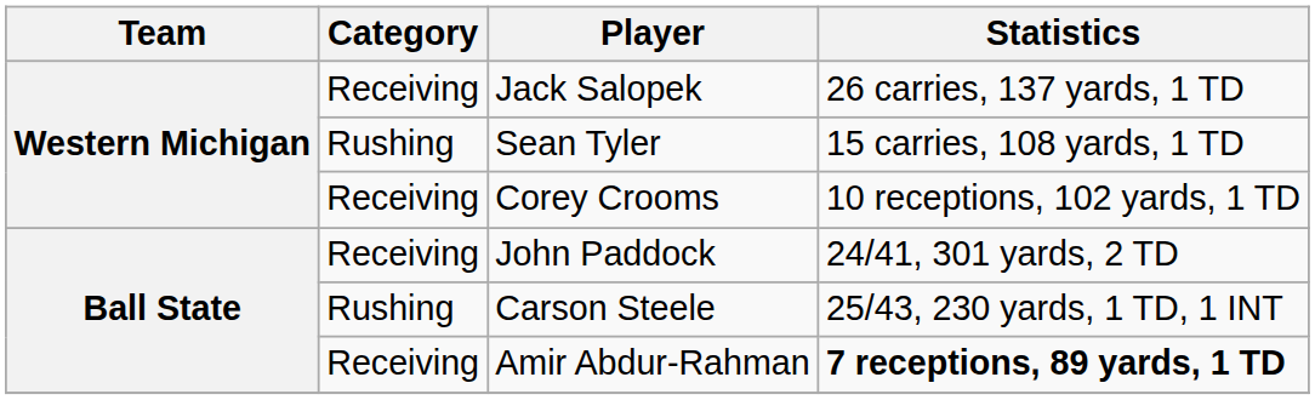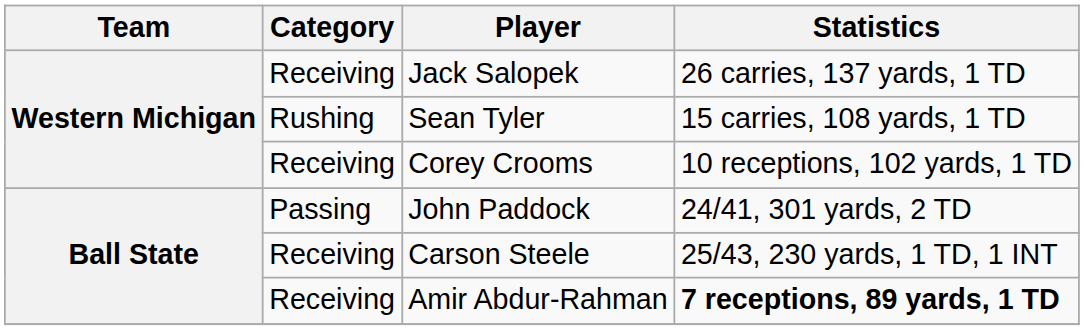 <table class="wikitable" style="float: left;">
 <tr>
 <th>Team</th>
 <th>Category</th>
 <th>Player</th>
 <th>Statistics</th>
 </tr>
 <tr>
 <th rowspan=3>Western Michigan</th>
 <td>Receiving</td>
 <td>Jack Salopek</td>
 <td>26 carries, 137 yards, 1 TD</td>
 </tr>
 <tr>
 <td>Rushing</td>
 <td>Sean Tyler</td>
 <td>15 carries, 108 yards, 1 TD</td>
 </tr>
 <tr>
 <td>Receiving</td>
 <td>Corey Crooms</td>
 <td>10 receptions, 102 yards, 1 TD</td>
 </tr>
 <tr>
 <th rowspan=3 style=>Ball State</th>
-<td>Receiving</td>
+<td>Passing</td>
 <td>John Paddock</td>
 <td>24/41, 301 yards, 2 TD</td>
 </tr>
 <tr>
-<td>Rushing</td>
+<td>Receiving</td>
 <td>Carson Steele</td>
 <td>25/43, 230 yards, 1 TD, 1 INT</td>
 </tr>
 <tr>
 <td>Receiving</td>
 <td>Amir Abdur-Rahman</td>
 <td><strong>7 receptions, 89 yards, 1 TD</strong></td>
 </tr>
 <tr>
 </tr>
 </table>
